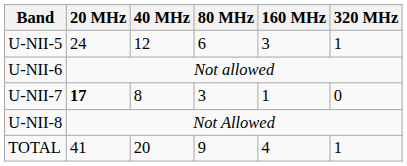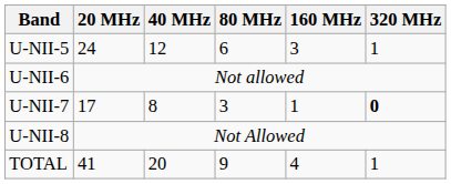 <table class="wikitable sticky-header">
 <tr>
 <th>Band</th>
 <th>20 MHz</th>
 <th>40 MHz</th>
 <th>80 MHz</th>
 <th>160 MHz</th>
 <th>320 MHz</th>
 </tr>
 <tr>
 <td>U-NII-5</td>
 <td>24</td>
 <td>12</td>
 <td>6</td>
 <td>3</td>
 <td>1</td>
 </tr>
 <tr>
 <td>U-NII-6</td>
 <td colspan="5" style="text-align: center;"><em>Not allowed</em></td>
 </tr>
 <tr>
 <td>U-NII-7</td>
-<td><strong>17</strong></td>
+<td>17</td>
 <td>8</td>
 <td>3</td>
 <td>1</td>
-<td>0</td>
+<td><strong>0</strong></td>
 </tr>
 <tr>
 <td>U-NII-8</td>
 <td colspan="5" style="text-align: center;"><em>Not Allowed</em></td>
 </tr>
 <tr>
 <td>TOTAL</td>
 <td>41</td>
 <td>20</td>
 <td>9</td>
 <td>4</td>
 <td>1</td>
 </tr>
 </table>
